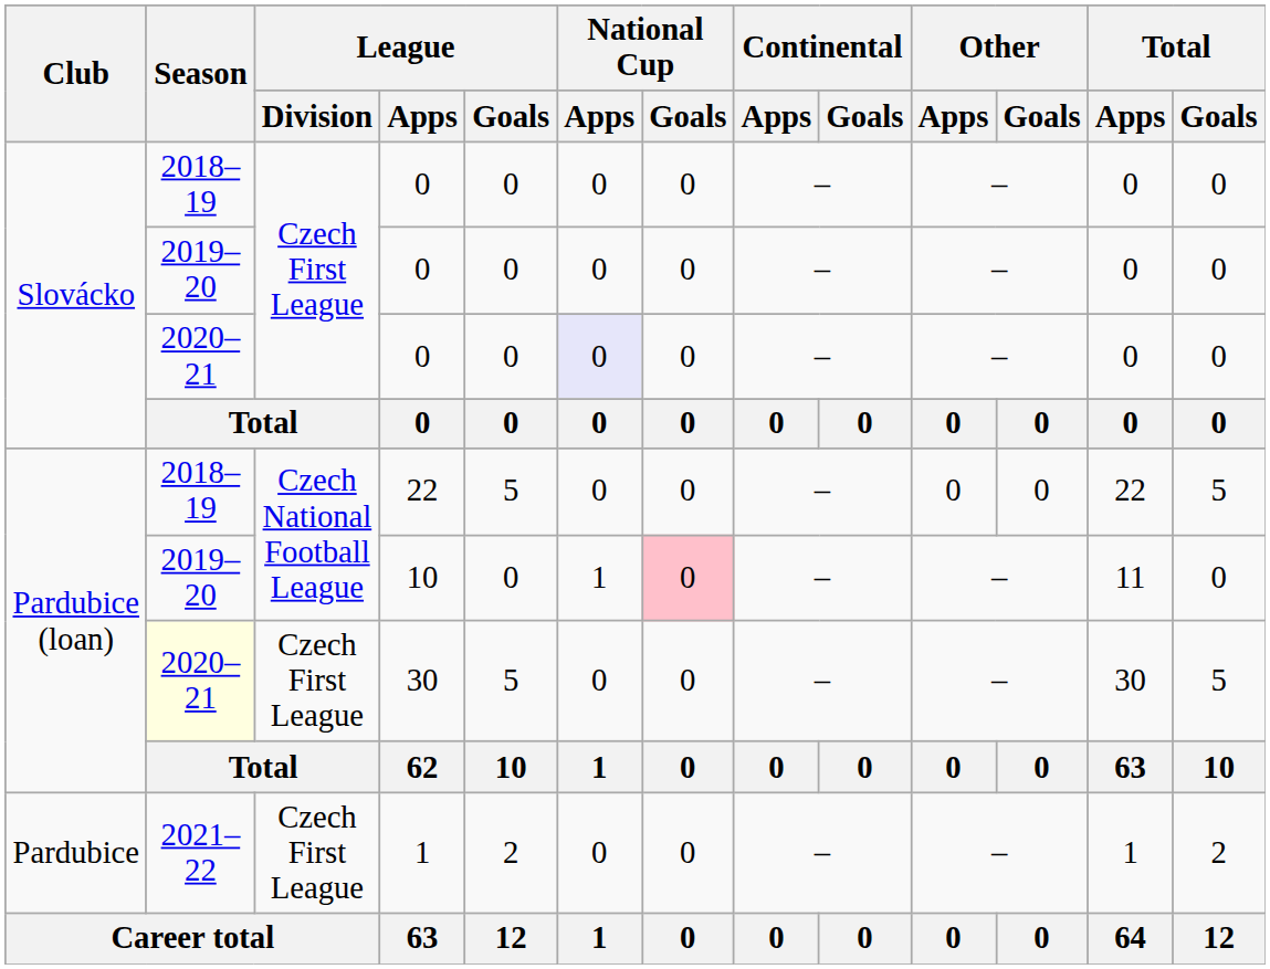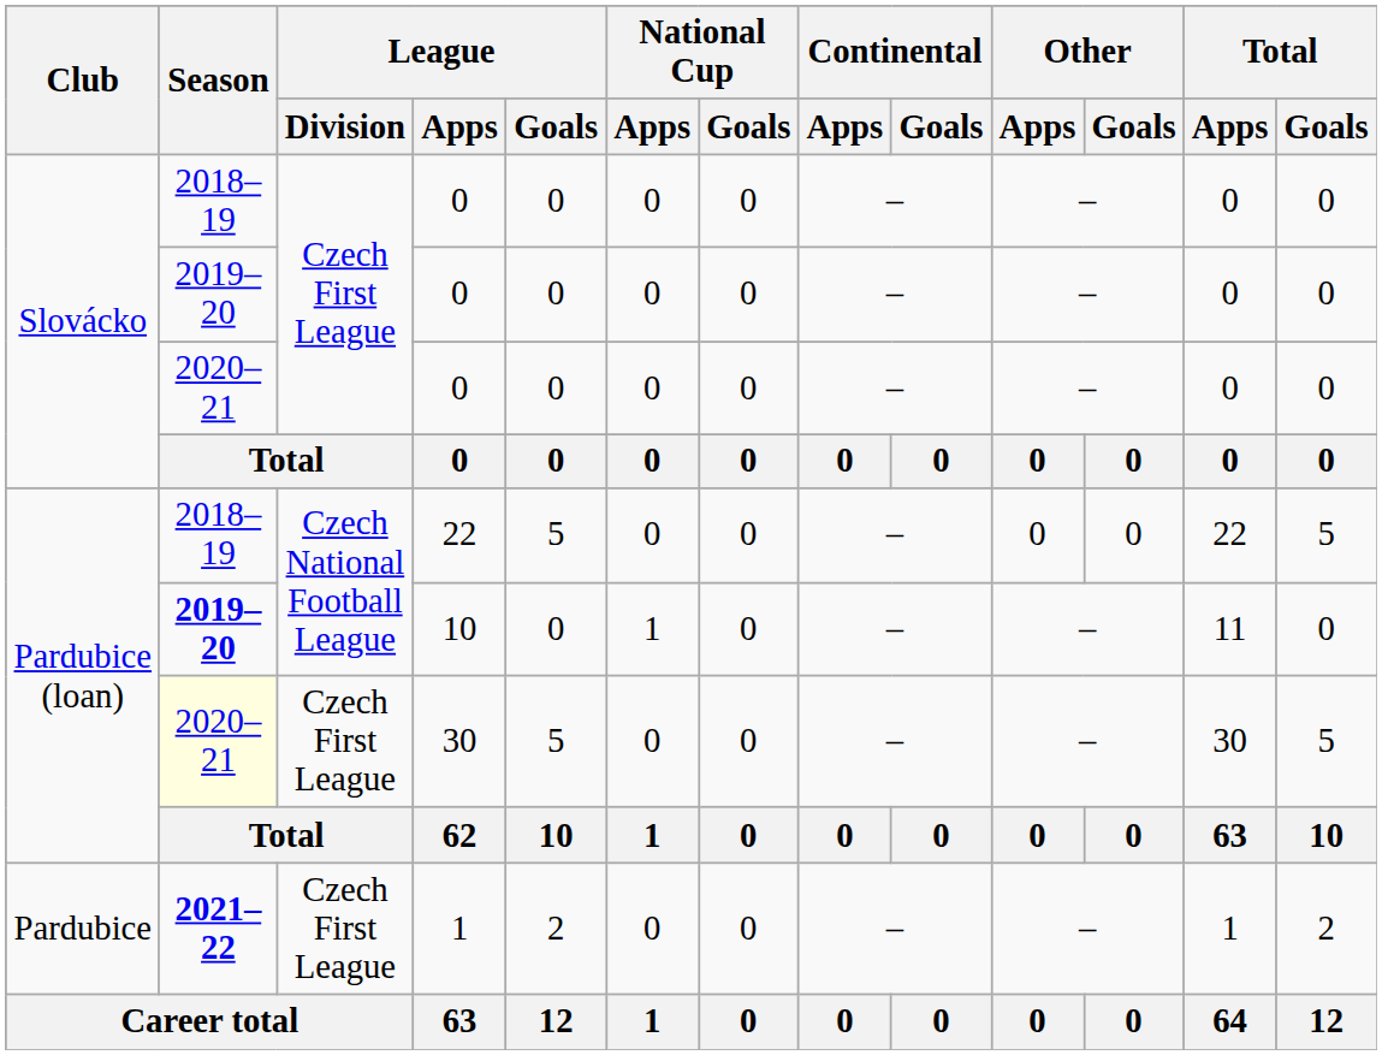 <table class="wikitable" style="text-align: center">
 <tr>
 <th rowspan="2">Club</th>
 <th rowspan="2">Season</th>
 <th colspan="3">League</th>
 <th colspan="2">National Cup</th>
 <th colspan="2">Continental</th>
 <th colspan="2">Other</th>
 <th colspan="2">Total</th>
 </tr>
 <tr>
 <th>Division</th>
 <th>Apps</th>
 <th>Goals</th>
 <th>Apps</th>
 <th>Goals</th>
 <th>Apps</th>
 <th>Goals</th>
 <th>Apps</th>
 <th>Goals</th>
 <th>Apps</th>
 <th>Goals</th>
 </tr>
 <tr>
 <td rowspan="4"><a href='#'>Slovácko</a></td>
 <td><a href='#'>2018–19</a></td>
 <td rowspan="3"><a href='#'>Czech First League</a></td>
 <td>0</td>
 <td>0</td>
 <td>0</td>
 <td>0</td>
 <td colspan="2">–</td>
 <td colspan="2">–</td>
 <td>0</td>
 <td>0</td>
 </tr>
 <tr>
 <td><a href='#'>2019–20</a></td>
 <td>0</td>
 <td>0</td>
 <td>0</td>
 <td>0</td>
 <td colspan="2">–</td>
 <td colspan="2">–</td>
 <td>0</td>
 <td>0</td>
 </tr>
 <tr>
 <td><a href='#'>2020–21</a></td>
 <td>0</td>
 <td>0</td>
-<td style="background: lavender;">0</td>
+<td>0</td>
 <td>0</td>
 <td colspan="2">–</td>
 <td colspan="2">–</td>
 <td>0</td>
 <td>0</td>
 </tr>
 <tr>
 <th colspan="2">Total</th>
 <th>0</th>
 <th>0</th>
 <th>0</th>
 <th>0</th>
 <th>0</th>
 <th>0</th>
 <th>0</th>
 <th>0</th>
 <th>0</th>
 <th>0</th>
 </tr>
 <tr>
 <td rowspan="4"><a href='#'>Pardubice</a> (loan)</td>
 <td><a href='#'>2018–19</a></td>
 <td rowspan="2"><a href='#'>Czech National Football League</a></td>
 <td>22</td>
 <td>5</td>
 <td>0</td>
 <td>0</td>
 <td colspan="2">–</td>
 <td>0</td>
 <td>0</td>
 <td>22</td>
 <td>5</td>
 </tr>
 <tr>
-<td><a href='#'>2019–20</a></td>
+<td><strong><a href='#'>2019–20</a></strong></td>
 <td>10</td>
 <td>0</td>
 <td>1</td>
-<td style="background: pink;">0</td>
+<td>0</td>
 <td colspan="2">–</td>
 <td colspan="2">–</td>
 <td>11</td>
 <td>0</td>
 </tr>
 <tr>
 <td style="background: lightyellow;"><a href='#'>2020–21</a></td>
 <td>Czech First League</td>
 <td>30</td>
 <td>5</td>
 <td>0</td>
 <td>0</td>
 <td colspan="2">–</td>
 <td colspan="2">–</td>
 <td>30</td>
 <td>5</td>
 </tr>
 <tr>
 <th colspan="2">Total</th>
 <th>62</th>
 <th>10</th>
 <th>1</th>
 <th>0</th>
 <th>0</th>
 <th>0</th>
 <th>0</th>
 <th>0</th>
 <th>63</th>
 <th>10</th>
 </tr>
 <tr>
 <td>Pardubice</td>
-<td><a href='#'>2021–22</a></td>
+<td><strong><a href='#'>2021–22</a></strong></td>
 <td>Czech First League</td>
 <td>1</td>
 <td>2</td>
 <td>0</td>
 <td>0</td>
 <td colspan="2">–</td>
 <td colspan="2">–</td>
 <td>1</td>
 <td>2</td>
 </tr>
 <tr>
 <th colspan="3">Career total</th>
 <th>63</th>
 <th>12</th>
 <th>1</th>
 <th>0</th>
 <th>0</th>
 <th>0</th>
 <th>0</th>
 <th>0</th>
 <th>64</th>
 <th>12</th>
 </tr>
 </table>
